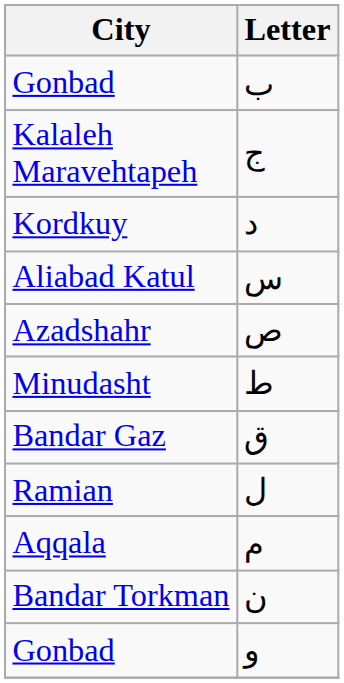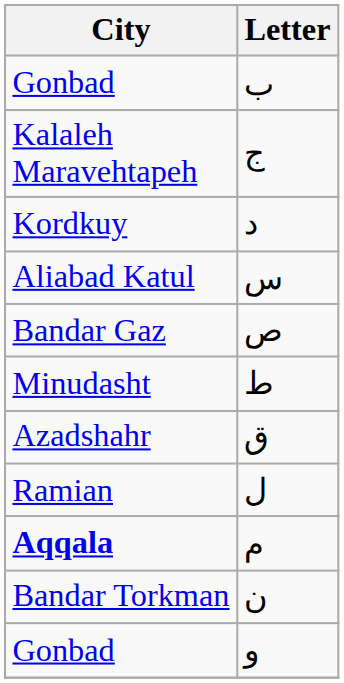 <table class="wikitable" border="1">
 <tr>
 <th>City</th>
 <th>Letter</th>
 </tr>
 <tr>
 <td><a href='#'>Gonbad</a></td>
 <td>ب</td>
 </tr>
 <tr>
 <td><a href='#'>Kalaleh</a><br><a href='#'>Maravehtapeh</a></td>
 <td>ج</td>
 </tr>
 <tr>
 <td><a href='#'>Kordkuy</a></td>
 <td>د</td>
 </tr>
 <tr>
 <td><a href='#'>Aliabad Katul</a></td>
 <td>س</td>
 </tr>
 <tr>
-<td><a href='#'>Azadshahr</a></td>
+<td><a href='#'>Bandar Gaz</a></td>
 <td>ص</td>
 </tr>
 <tr>
 <td><a href='#'>Minudasht</a></td>
 <td>ط</td>
 </tr>
 <tr>
-<td><a href='#'>Bandar Gaz</a></td>
+<td><a href='#'>Azadshahr</a></td>
 <td>ق</td>
 </tr>
 <tr>
 <td><a href='#'>Ramian</a></td>
 <td>ل</td>
 </tr>
 <tr>
-<td><a href='#'>Aqqala</a></td>
+<td><strong><a href='#'>Aqqala</a></strong></td>
 <td>م</td>
 </tr>
 <tr>
 <td><a href='#'>Bandar Torkman</a></td>
 <td>ن</td>
 </tr>
 <tr>
 <td><a href='#'>Gonbad</a></td>
 <td>و</td>
 </tr>
 <tr>
 </tr>
 </table>
